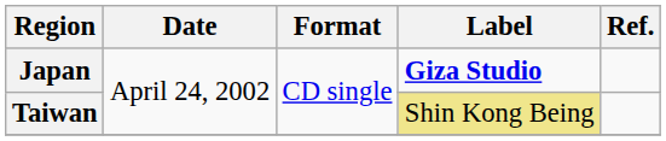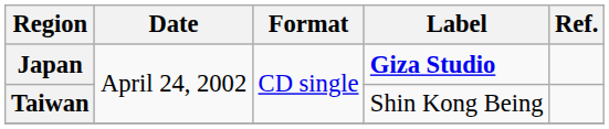 <table class="wikitable sortable plainrowheaders">
 <tr>
 <th scope="col">Region</th>
 <th scope="col">Date</th>
 <th scope="col">Format</th>
 <th scope="col">Label</th>
 <th scope="col">Ref.</th>
 </tr>
 <tr>
 <th rowspan="1">Japan</th>
 <td rowspan="2">April 24, 2002</td>
 <td rowspan="2"><a href='#'>CD single</a></td>
 <td><strong><a href='#'>Giza Studio</a></strong></td>
 <td></td>
 </tr>
 <tr>
 <th rowspan="1">Taiwan</th>
-<td style="background: khaki;">Shin Kong Being</td>
+<td>Shin Kong Being</td>
 <td></td>
 </tr>
 <tr>
 </tr>
 </table>
